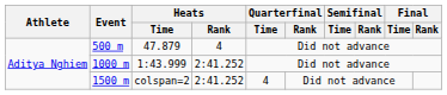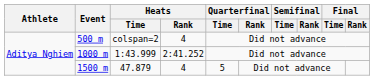 <table class="wikitable" style="font-size:90%">
 <tr>
 <th rowspan=2>Athlete</th>
 <th rowspan=2>Event</th>
 <th colspan=2>Heats</th>
 <th colspan=2>Quarterfinal</th>
 <th colspan=2>Semifinal</th>
 <th colspan=2>Final</th>
 </tr>
 <tr style="font-size:95%">
 <th>Time</th>
 <th>Rank</th>
 <th>Time</th>
 <th>Rank</th>
 <th>Time</th>
 <th>Rank</th>
 <th>Time</th>
 <th>Rank</th>
 </tr>
 <tr align=center>
 <td align=left rowspan=3><a href='#'>Aditya Nghiem</a></td>
 <td align=left><a href='#'>500 m</a></td>
-<td>47.879</td>
+<td>colspan=2</td>
 <td>4</td>
 <td colspan=6>Did not advance</td>
 </tr>
 <tr align=center>
 <td align=left><a href='#'>1000 m</a></td>
 <td>1:43.999</td>
 <td>2:41.252</td>
 <td colspan=6>Did not advance</td>
 </tr>
 <tr align=center>
 <td align=left><a href='#'>1500 m</a></td>
-<td>colspan=2</td>
-<td>2:41.252</td>
+<td>47.879</td>
 <td>4</td>
+<td>5</td>
 <td colspan=4>Did not advance</td>
 </tr>
 </table>
